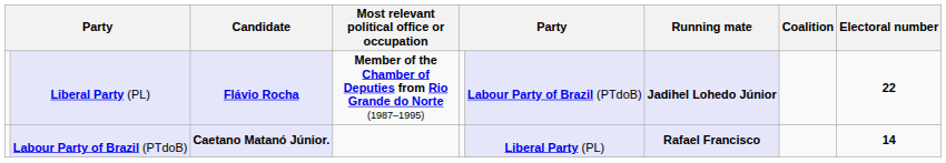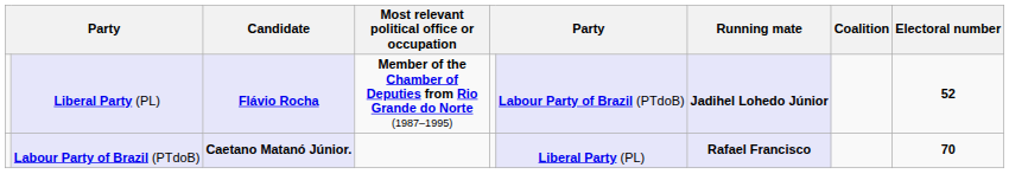 <table class="wikitable" style="text-align:center">
 <tr>
 <th colspan="2">Party</th>
 <th>Candidate</th>
 <th style="max-width:10em">Most relevant political office or occupation</th>
 <th colspan="2">Party</th>
 <th>Running mate</th>
 <th>Coalition</th>
 <th>Electoral number</th>
 </tr>
 <tr>
 <td style="background:"></td>
 <td style="background:lavender;" max-width:150px><br><strong><a href='#'>Liberal Party</a></strong> (PL)</td>
 <td style="background:lavender;" max-width:150px><br><strong><a href='#'>Flávio Rocha</a></strong></td>
 <td style="max-width:10em"><strong>Member of the <a href='#'>Chamber of Deputies</a> from <a href='#'>Rio Grande do Norte</a></strong><br><small>(1987–1995)</small></td>
 <td style="background:"></td>
 <td style="background:lavender;" max-width:150px><br><strong><a href='#'>Labour Party of Brazil</a></strong> (PTdoB)</td>
 <td style="background:lavender;" max-width:150px><br><strong>Jadihel Lohedo Júnior</strong></td>
 <td></td>
-<td><strong>22</strong></td>
+<td><strong>52</strong></td>
 </tr>
 <tr>
 <td style="background:"></td>
 <td style="background:lavender;" max-width:150px><br><strong><a href='#'>Labour Party of Brazil</a></strong> (PTdoB)</td>
 <td style="background:lavender;" max-width:150px><strong>Caetano Matanó Júnior.</strong></td>
 <td style="max-width:10em"></td>
 <td style="background:"></td>
 <td style="background:lavender;" max-width:150px><br><strong><a href='#'>Liberal Party</a></strong> (PL)</td>
 <td style="background:lavender;" max-width:150px><strong>Rafael Francisco</strong></td>
 <td></td>
-<td><strong>14</strong></td>
+<td><strong>70</strong></td>
 </tr>
 </table>
